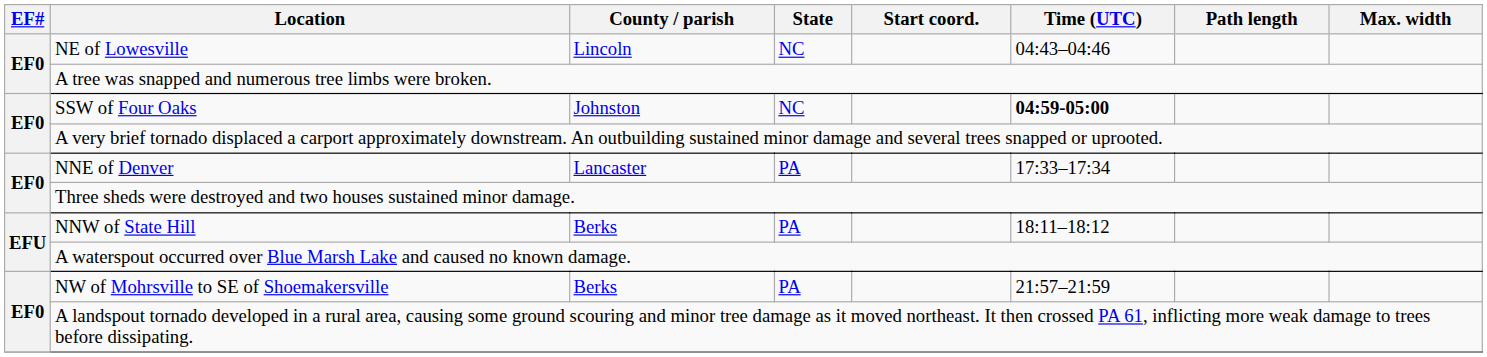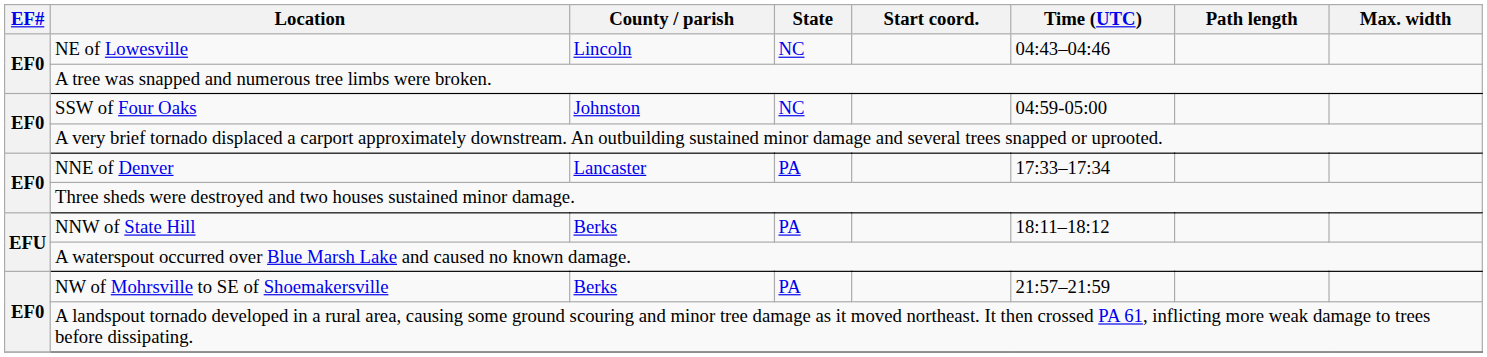 <table class="wikitable sortable" style="width:100%;">
 <tr>
 <th scope="col" width="2%" align="center"><a href='#'>EF#</a></th>
 <th scope="col" align="center" class="unsortable">Location</th>
 <th scope="col" align="center" class="unsortable">County / parish</th>
 <th scope="col" align="center">State</th>
 <th scope="col" align="center">Start coord.</th>
 <th scope="col" align="center">Time (<a href='#'>UTC</a>)</th>
 <th scope="col" align="center">Path length</th>
 <th scope="col" align="center">Max. width</th>
 </tr>
 <tr>
 <th scope="row" rowspan="2" style="background-color:#">EF0</th>
 <td>NE of <a href='#'>Lowesville</a></td>
 <td><a href='#'>Lincoln</a></td>
 <td><a href='#'>NC</a></td>
 <td></td>
 <td>04:43–04:46</td>
 <td></td>
 <td></td>
 </tr>
 <tr class="expand-child">
 <td colspan="8" style=" border-bottom: 1px solid black;">A tree was snapped and numerous tree limbs were broken.</td>
 </tr>
 <tr>
 <th scope="row" rowspan="2" style="background-color:#">EF0</th>
 <td>SSW of <a href='#'>Four Oaks</a></td>
 <td><a href='#'>Johnston</a></td>
 <td><a href='#'>NC</a></td>
 <td></td>
-<td><strong>04:59-05:00</strong></td>
+<td>04:59-05:00</td>
 <td></td>
 <td></td>
 </tr>
 <tr class="expand-child">
 <td colspan="8" style=" border-bottom: 1px solid black;">A very brief tornado displaced a carport approximately  downstream. An outbuilding sustained minor damage and several trees snapped or uprooted.</td>
 </tr>
 <tr>
 <th scope="row" rowspan="2" style="background-color:#">EF0</th>
 <td>NNE of <a href='#'>Denver</a></td>
 <td><a href='#'>Lancaster</a></td>
 <td><a href='#'>PA</a></td>
 <td></td>
 <td>17:33–17:34</td>
 <td></td>
 <td></td>
 </tr>
 <tr class="expand-child">
 <td colspan="8" style=" border-bottom: 1px solid black;">Three sheds were destroyed and two houses sustained minor damage.</td>
 </tr>
 <tr>
 <th scope="row" rowspan="2" style="background-color:#">EFU</th>
 <td>NNW of <a href='#'>State Hill</a></td>
 <td><a href='#'>Berks</a></td>
 <td><a href='#'>PA</a></td>
 <td></td>
 <td>18:11–18:12</td>
 <td></td>
 <td></td>
 </tr>
 <tr class="expand-child">
 <td colspan="8" style=" border-bottom: 1px solid black;">A waterspout occurred over <a href='#'>Blue Marsh Lake</a> and caused no known damage.</td>
 </tr>
 <tr>
 <th scope="row" rowspan="2" style="background-color:#">EF0</th>
 <td>NW of <a href='#'>Mohrsville</a> to SE of <a href='#'>Shoemakersville</a></td>
 <td><a href='#'>Berks</a></td>
 <td><a href='#'>PA</a></td>
 <td></td>
 <td>21:57–21:59</td>
 <td></td>
 <td></td>
 </tr>
 <tr class="expand-child">
 <td colspan="8" style=" border-bottom: 1px solid black;">A landspout tornado developed in a rural area, causing some ground scouring and minor tree damage as it moved northeast. It then crossed <a href='#'>PA 61</a>, inflicting more weak damage to trees before dissipating.</td>
 </tr>
 <tr>
 </tr>
 </table>
